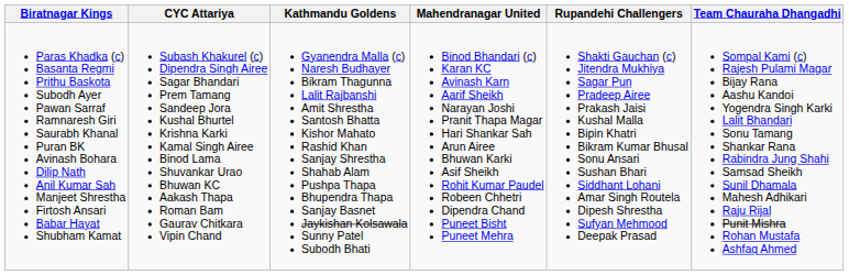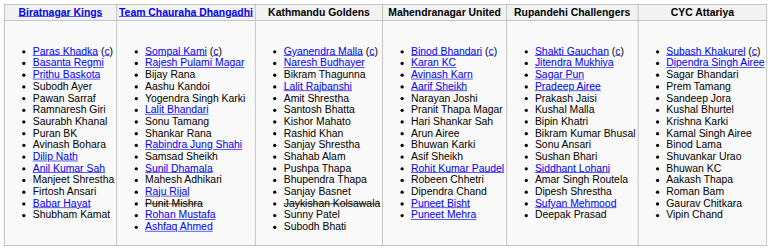 <table class="wikitable">
 <tr>
 <th><a href='#'>Biratnagar Kings</a></th>
-<th>CYC Attariya</th>
+<th><a href='#'>Team Chauraha Dhangadhi</a></th>
 <th>Kathmandu Goldens</th>
 <th>Mahendranagar United</th>
 <th>Rupandehi Challengers</th>
-<th><a href='#'>Team Chauraha Dhangadhi</a></th>
+<th>CYC Attariya</th>
 </tr>
 <tr>
 <td valign=top><br><ul><li><a href='#'>Paras Khadka</a> (<a href='#'>c</a>)</li><li><a href='#'>Basanta Regmi</a></li><li><a href='#'>Prithu Baskota</a></li><li>Subodh Ayer</li><li>Pawan Sarraf</li><li>Ramnaresh Giri</li><li>Saurabh Khanal</li><li>Puran BK</li><li>Avinash Bohara</li><li><a href='#'>Dilip Nath</a></li><li><a href='#'>Anil Kumar Sah</a></li><li>Manjeet Shrestha</li><li>Firtosh Ansari</li><li><a href='#'>Babar Hayat</a></li><li>Shubham Kamat</li></ul></td>
-<td valign=top><br><ul><li><a href='#'>Subash Khakurel</a> (<a href='#'>c</a>)</li><li><a href='#'>Dipendra Singh Airee</a></li><li>Sagar Bhandari</li><li>Prem Tamang</li><li>Sandeep Jora</li><li>Kushal Bhurtel</li><li>Krishna Karki</li><li>Kamal Singh Airee</li><li>Binod Lama</li><li>Shuvankar Urao</li><li>Bhuwan KC</li><li>Aakash Thapa</li><li>Roman Bam</li><li>Gaurav Chitkara</li><li>Vipin Chand</li></ul></td>
+<td valign=top><br><ul><li><a href='#'>Sompal Kami</a> (<a href='#'>c</a>)</li><li><a href='#'>Rajesh Pulami Magar</a></li><li>Bijay Rana</li><li>Aashu Kandoi</li><li>Yogendra Singh Karki</li><li><a href='#'>Lalit Bhandari</a></li><li>Sonu Tamang</li><li>Shankar Rana</li><li><a href='#'>Rabindra Jung Shahi</a></li><li>Samsad Sheikh</li><li><a href='#'>Sunil Dhamala</a></li><li>Mahesh Adhikari</li><li><a href='#'>Raju Rijal</a></li><li><s> Punit Mishra</s></li><li><a href='#'>Rohan Mustafa</a></li><li><a href='#'>Ashfaq Ahmed</a></li></ul></td>
 <td valign=top><br><ul><li><a href='#'>Gyanendra Malla</a> (<a href='#'>c</a>)</li><li><a href='#'>Naresh Budhayer</a></li><li>Bikram Thagunna</li><li><a href='#'>Lalit Rajbanshi</a></li><li>Amit Shrestha</li><li>Santosh Bhatta</li><li>Kishor Mahato</li><li>Rashid Khan</li><li>Sanjay Shrestha</li><li>Shahab Alam</li><li>Pushpa Thapa</li><li>Bhupendra Thapa</li><li>Sanjay Basnet</li><li><s>Jaykishan Kolsawala</s></li><li>Sunny Patel</li><li>Subodh Bhati</li></ul></td>
 <td valign=top><br><ul><li><a href='#'>Binod Bhandari</a> (<a href='#'>c</a>)</li><li><a href='#'>Karan KC</a></li><li><a href='#'>Avinash Karn</a></li><li><a href='#'>Aarif Sheikh</a></li><li>Narayan Joshi</li><li>Pranit Thapa Magar</li><li>Hari Shankar Sah</li><li>Arun Airee</li><li>Bhuwan Karki</li><li>Asif Sheikh</li><li><a href='#'>Rohit Kumar Paudel</a></li><li>Robeen Chhetri</li><li>Dipendra Chand</li><li><a href='#'>Puneet Bisht</a></li><li><a href='#'>Puneet Mehra</a></li></ul></td>
 <td valign=top><br><ul><li><a href='#'>Shakti Gauchan</a> (<a href='#'>c</a>)</li><li><a href='#'>Jitendra Mukhiya</a></li><li><a href='#'>Sagar Pun</a></li><li><a href='#'>Pradeep Airee</a></li><li>Prakash Jaisi</li><li>Kushal Malla</li><li>Bipin Khatri</li><li>Bikram Kumar Bhusal</li><li>Sonu Ansari</li><li>Sushan Bhari</li><li><a href='#'>Siddhant Lohani</a></li><li>Amar Singh Routela</li><li>Dipesh Shrestha</li><li><a href='#'>Sufyan Mehmood</a></li><li>Deepak Prasad</li></ul></td>
-<td valign=top><br><ul><li><a href='#'>Sompal Kami</a> (<a href='#'>c</a>)</li><li><a href='#'>Rajesh Pulami Magar</a></li><li>Bijay Rana</li><li>Aashu Kandoi</li><li>Yogendra Singh Karki</li><li><a href='#'>Lalit Bhandari</a></li><li>Sonu Tamang</li><li>Shankar Rana</li><li><a href='#'>Rabindra Jung Shahi</a></li><li>Samsad Sheikh</li><li><a href='#'>Sunil Dhamala</a></li><li>Mahesh Adhikari</li><li><a href='#'>Raju Rijal</a></li><li><s> Punit Mishra</s></li><li><a href='#'>Rohan Mustafa</a></li><li><a href='#'>Ashfaq Ahmed</a></li></ul></td>
+<td valign=top><br><ul><li><a href='#'>Subash Khakurel</a> (<a href='#'>c</a>)</li><li><a href='#'>Dipendra Singh Airee</a></li><li>Sagar Bhandari</li><li>Prem Tamang</li><li>Sandeep Jora</li><li>Kushal Bhurtel</li><li>Krishna Karki</li><li>Kamal Singh Airee</li><li>Binod Lama</li><li>Shuvankar Urao</li><li>Bhuwan KC</li><li>Aakash Thapa</li><li>Roman Bam</li><li>Gaurav Chitkara</li><li>Vipin Chand</li></ul></td>
 </tr>
 </table>
